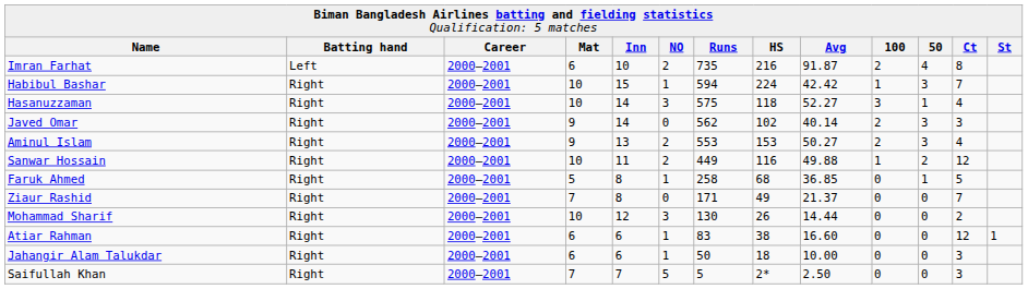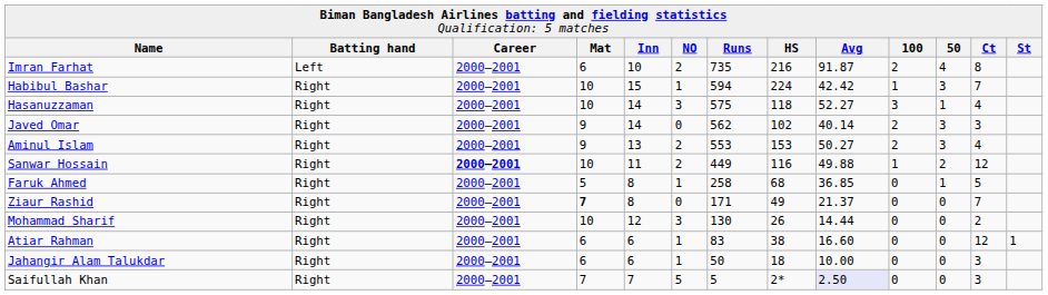 <table class="wikitable" width="90%">
 <tr>
 <td style="text-align:center; background:#efefef;" colspan="13"><strong>Biman Bangladesh Airlines <a href='#'>batting</a> and <a href='#'>fielding</a> <a href='#'>statistics</a></strong><br><em>Qualification: 5 matches</em></td>
 </tr>
 <tr>
 <th>Name</th>
 <th>Batting hand</th>
 <th>Career</th>
 <th>Mat</th>
 <th><a href='#'>Inn</a></th>
 <th><a href='#'>NO</a></th>
 <th><a href='#'>Runs</a></th>
 <th>HS</th>
 <th><a href='#'>Avg</a></th>
 <th>100</th>
 <th>50</th>
 <th><a href='#'>Ct</a></th>
 <th><a href='#'>St</a></th>
 </tr>
 <tr>
 <td><a href='#'>Imran Farhat</a></td>
 <td>Left</td>
 <td><a href='#'>2000</a>–<a href='#'>2001</a></td>
 <td>6</td>
 <td>10</td>
 <td>2</td>
 <td>735</td>
 <td>216</td>
 <td>91.87</td>
 <td>2</td>
 <td>4</td>
 <td>8</td>
 <td></td>
 </tr>
 <tr>
 <td><a href='#'>Habibul Bashar</a></td>
 <td>Right</td>
 <td><a href='#'>2000</a>–<a href='#'>2001</a></td>
 <td>10</td>
 <td>15</td>
 <td>1</td>
 <td>594</td>
 <td>224</td>
 <td>42.42</td>
 <td>1</td>
 <td>3</td>
 <td>7</td>
 <td></td>
 </tr>
 <tr>
 <td><a href='#'>Hasanuzzaman</a></td>
 <td>Right</td>
 <td><a href='#'>2000</a>–<a href='#'>2001</a></td>
 <td>10</td>
 <td>14</td>
 <td>3</td>
 <td>575</td>
 <td>118</td>
 <td>52.27</td>
 <td>3</td>
 <td>1</td>
 <td>4</td>
 <td></td>
 </tr>
 <tr>
 <td><a href='#'>Javed Omar</a></td>
 <td>Right</td>
 <td><a href='#'>2000</a>–<a href='#'>2001</a></td>
 <td>9</td>
 <td>14</td>
 <td>0</td>
 <td>562</td>
 <td>102</td>
 <td>40.14</td>
 <td>2</td>
 <td>3</td>
 <td>3</td>
 <td></td>
 </tr>
 <tr>
 <td><a href='#'>Aminul Islam</a></td>
 <td>Right</td>
 <td><a href='#'>2000</a>–<a href='#'>2001</a></td>
 <td>9</td>
 <td>13</td>
 <td>2</td>
 <td>553</td>
 <td>153</td>
 <td>50.27</td>
 <td>2</td>
 <td>3</td>
 <td>4</td>
 <td></td>
 </tr>
 <tr>
 <td><a href='#'>Sanwar Hossain</a></td>
 <td>Right</td>
-<td><a href='#'>2000</a>–<a href='#'>2001</a></td>
+<td><strong><a href='#'>2000</a>–<a href='#'>2001</a></strong></td>
 <td>10</td>
 <td>11</td>
 <td>2</td>
 <td>449</td>
 <td>116</td>
 <td>49.88</td>
 <td>1</td>
 <td>2</td>
 <td>12</td>
 <td></td>
 </tr>
 <tr>
 <td><a href='#'>Faruk Ahmed</a></td>
 <td>Right</td>
 <td><a href='#'>2000</a>–<a href='#'>2001</a></td>
 <td>5</td>
 <td>8</td>
 <td>1</td>
 <td>258</td>
 <td>68</td>
 <td>36.85</td>
 <td>0</td>
 <td>1</td>
 <td>5</td>
 <td></td>
 </tr>
 <tr>
 <td><a href='#'>Ziaur Rashid</a></td>
 <td>Right</td>
 <td><a href='#'>2000</a>–<a href='#'>2001</a></td>
-<td>7</td>
+<td><strong>7</strong></td>
 <td>8</td>
 <td>0</td>
 <td>171</td>
 <td>49</td>
 <td>21.37</td>
 <td>0</td>
 <td>0</td>
 <td>7</td>
 <td></td>
 </tr>
 <tr>
 <td><a href='#'>Mohammad Sharif</a></td>
 <td>Right</td>
 <td><a href='#'>2000</a>–<a href='#'>2001</a></td>
 <td>10</td>
 <td>12</td>
 <td>3</td>
 <td>130</td>
 <td>26</td>
 <td>14.44</td>
 <td>0</td>
 <td>0</td>
 <td>2</td>
 <td></td>
 </tr>
 <tr>
 <td><a href='#'>Atiar Rahman</a></td>
 <td>Right</td>
 <td><a href='#'>2000</a>–<a href='#'>2001</a></td>
 <td>6</td>
 <td>6</td>
 <td>1</td>
 <td>83</td>
 <td>38</td>
 <td>16.60</td>
 <td>0</td>
 <td>0</td>
 <td>12</td>
 <td>1</td>
 </tr>
 <tr>
 <td><a href='#'>Jahangir Alam Talukdar</a></td>
 <td>Right</td>
 <td><a href='#'>2000</a>–<a href='#'>2001</a></td>
 <td>6</td>
 <td>6</td>
 <td>1</td>
 <td>50</td>
 <td>18</td>
 <td>10.00</td>
 <td>0</td>
 <td>0</td>
 <td>3</td>
 <td></td>
 </tr>
 <tr>
 <td>Saifullah Khan</td>
 <td>Right</td>
 <td><a href='#'>2000</a>–<a href='#'>2001</a></td>
 <td>7</td>
 <td>7</td>
 <td>5</td>
 <td>5</td>
 <td>2*</td>
-<td>2.50</td>
+<td style="background: lavender;">2.50</td>
 <td>0</td>
 <td>0</td>
 <td>3</td>
 <td></td>
 </tr>
 </table>
